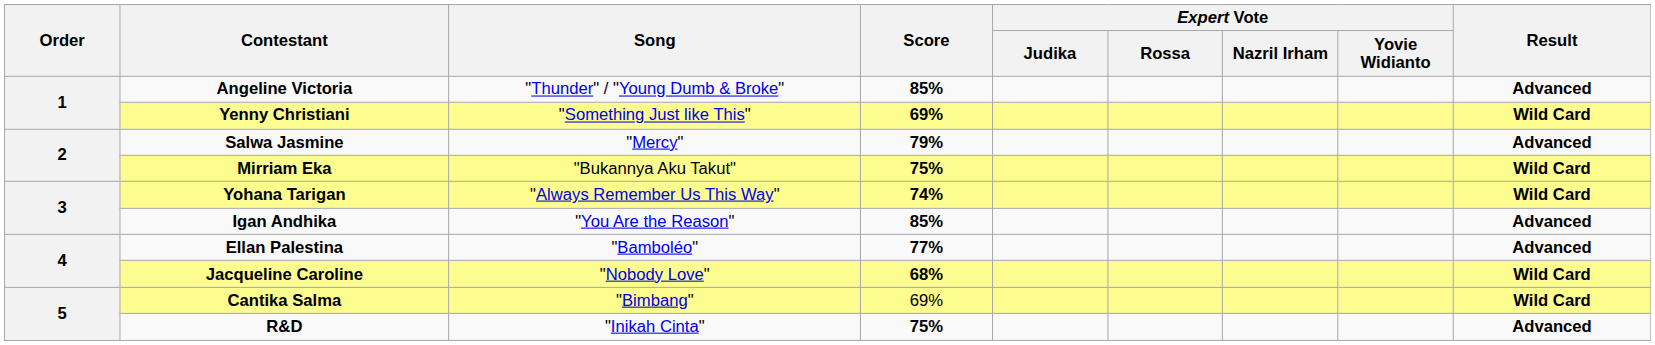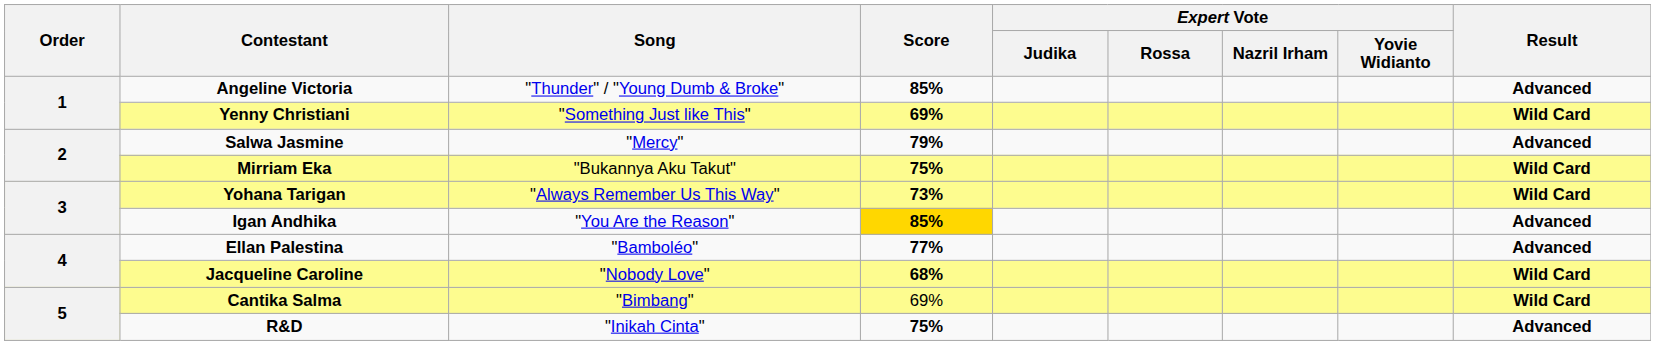 <table class="wikitable" style="text-align:center; width:100%;">
 <tr>
 <th scope="col" rowspan="2" style="width:7%;">Order</th>
 <th scope="col" rowspan="2" style="width:20%;">Contestant</th>
 <th scope="col" rowspan="2" style="width:25%;">Song</th>
 <th rowspan="2" style="width:8%">Score</th>
 <th scope="col" colspan="4" style="width:28%;"><em>Expert</em> Vote</th>
 <th rowspan="2" style="width:12%">Result</th>
 </tr>
 <tr>
 <th style="width:07%;">Judika</th>
 <th style="width:07%;">Rossa</th>
 <th style="width:07%;">Nazril Irham</th>
 <th style="width:07%;">Yovie Widianto</th>
 </tr>
 <tr>
 <th rowspan="2">1</th>
 <td><strong>Angeline Victoria</strong></td>
 <td>"<a href='#'>Thunder</a>" / "<a href='#'>Young Dumb & Broke</a>"</td>
 <td><strong>85%</strong></td>
 <td></td>
 <td></td>
 <td></td>
 <td></td>
 <td><strong>Advanced</strong></td>
 </tr>
 <tr style="background:#fdfc8f">
 <td><strong>Yenny Christiani</strong></td>
 <td>"<a href='#'>Something Just like This</a>"</td>
 <td><strong>69%</strong></td>
 <td></td>
 <td></td>
 <td></td>
 <td></td>
 <td><strong>Wild Card</strong></td>
 </tr>
 <tr>
 <th rowspan="2">2</th>
 <td><strong>Salwa Jasmine</strong></td>
 <td>"<a href='#'>Mercy</a>"</td>
 <td><strong>79%</strong></td>
 <td></td>
 <td></td>
 <td></td>
 <td></td>
 <td><strong>Advanced</strong></td>
 </tr>
 <tr style="background:#fdfc8f">
 <td><strong>Mirriam Eka</strong></td>
 <td>"Bukannya Aku Takut"</td>
 <td><strong>75%</strong></td>
 <td></td>
 <td></td>
 <td></td>
 <td></td>
 <td><strong>Wild Card</strong></td>
 </tr>
 <tr style="background:#fdfc8f">
 <th rowspan="2">3</th>
 <td><strong>Yohana Tarigan</strong></td>
 <td>"<a href='#'>Always Remember Us This Way</a>"</td>
-<td><strong>74%</strong></td>
+<td><strong>73%</strong></td>
 <td></td>
 <td></td>
 <td></td>
 <td></td>
 <td><strong>Wild Card</strong></td>
 </tr>
 <tr>
 <td><strong>Igan Andhika</strong></td>
 <td>"<a href='#'>You Are the Reason</a>"</td>
-<td><strong>85%</strong></td>
+<td style="background: gold;"><strong>85%</strong></td>
 <td></td>
 <td></td>
 <td></td>
 <td></td>
 <td><strong>Advanced</strong></td>
 </tr>
 <tr>
 <th rowspan="2">4</th>
 <td><strong>Ellan Palestina</strong></td>
 <td>"<a href='#'>Bamboléo</a>"</td>
 <td><strong>77%</strong></td>
 <td></td>
 <td></td>
 <td></td>
 <td></td>
 <td><strong>Advanced</strong></td>
 </tr>
 <tr style="background:#fdfc8f">
 <td><strong>Jacqueline Caroline</strong></td>
 <td>"<a href='#'>Nobody Love</a>"</td>
 <td><strong>68%</strong></td>
 <td></td>
 <td></td>
 <td></td>
 <td></td>
 <td><strong>Wild Card</strong></td>
 </tr>
 <tr style="background:#fdfc8f">
 <th rowspan="2">5</th>
 <td><strong>Cantika Salma</strong></td>
 <td>"<a href='#'>Bimbang</a>"</td>
 <td>69%</td>
 <td></td>
 <td></td>
 <td></td>
 <td></td>
 <td><strong>Wild Card</strong></td>
 </tr>
 <tr>
 <td><strong>R&D</strong></td>
 <td>"<a href='#'>Inikah Cinta</a>"</td>
 <td><strong>75%</strong></td>
 <td></td>
 <td></td>
 <td></td>
 <td></td>
 <td><strong>Advanced</strong></td>
 </tr>
 </table>
